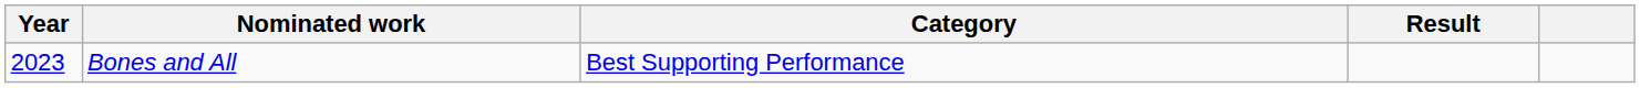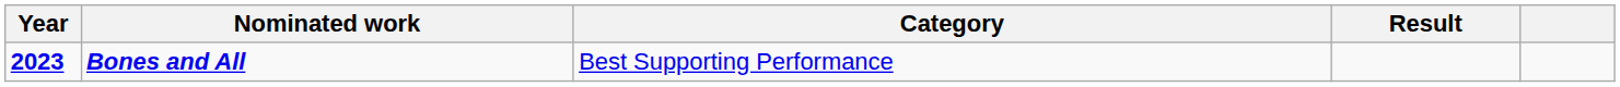 <table class=wikitable>
 <tr>
 <th width=4%>Year</th>
 <th width=26%>Nominated work</th>
 <th width=40%>Category</th>
 <th width=10%>Result</th>
 <th width=5%></th>
 </tr>
 <tr>
-<td><a href='#'>2023</a></td>
-<td><em><a href='#'>Bones and All</a></em></td>
+<td><strong><a href='#'>2023</a></strong></td>
+<td><strong><em><a href='#'>Bones and All</a></em></strong></td>
 <td><a href='#'>Best Supporting Performance</a></td>
 <td></td>
 <td style="text-align:center;"></td>
 </tr>
 </table>
